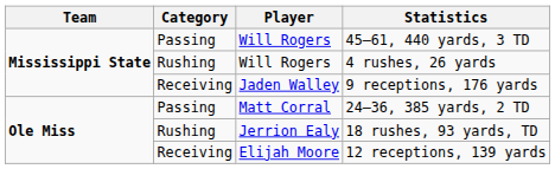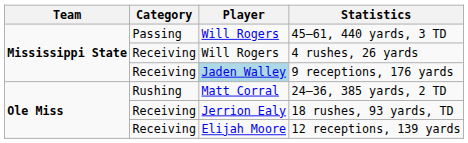 <table class="wikitable" style="float: right;">
 <tr>
 <th>Team</th>
 <th>Category</th>
 <th>Player</th>
 <th>Statistics</th>
 </tr>
 <tr>
 <td rowspan=3><strong>Mississippi State</strong></td>
 <td>Passing</td>
 <td><a href='#'>Will Rogers</a></td>
 <td>45–61, 440 yards, 3 TD</td>
 </tr>
 <tr>
-<td>Rushing</td>
+<td>Receiving</td>
 <td>Will Rogers</td>
 <td>4 rushes, 26 yards</td>
 </tr>
 <tr>
 <td>Receiving</td>
-<td><a href='#'>Jaden Walley</a></td>
+<td style="background: lightblue;"><a href='#'>Jaden Walley</a></td>
 <td>9 receptions, 176 yards</td>
 </tr>
 <tr>
 <td rowspan=3><strong>Ole Miss</strong></td>
-<td>Passing</td>
+<td>Rushing</td>
 <td><a href='#'>Matt Corral</a></td>
 <td>24–36, 385 yards, 2 TD</td>
 </tr>
 <tr>
-<td>Rushing</td>
+<td>Receiving</td>
 <td><a href='#'>Jerrion Ealy</a></td>
 <td>18 rushes, 93 yards, TD</td>
 </tr>
 <tr>
 <td>Receiving</td>
 <td><a href='#'>Elijah Moore</a></td>
 <td>12 receptions, 139 yards</td>
 </tr>
 </table>
